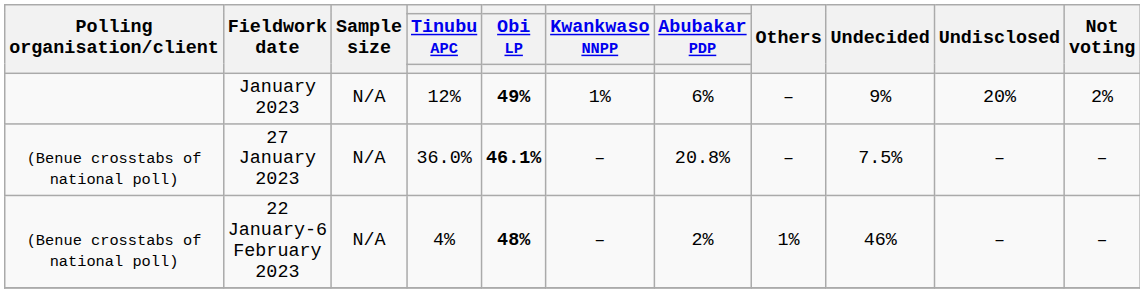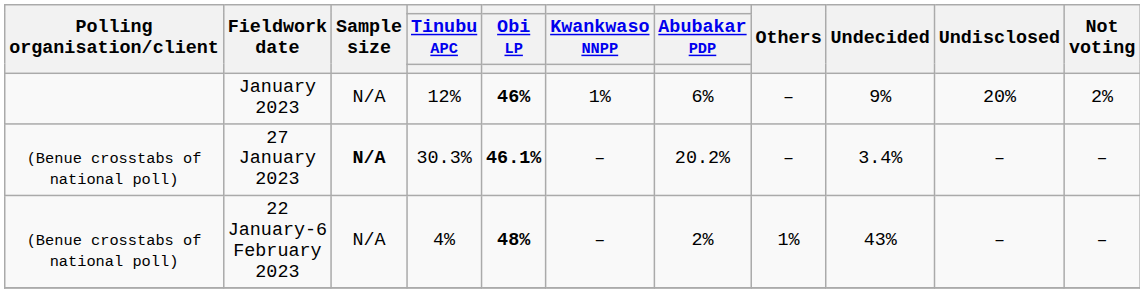 <table class="wikitable" style="text-align:center;font-size:95%;line-height:14px;">
 <tr>
 <th rowspan="3">Polling organisation/client</th>
 <th rowspan="3">Fieldwork<br>date</th>
 <th rowspan="3">Sample<br>size</th>
 <th></th>
 <th></th>
 <th></th>
 <th></th>
 <th rowspan="3">Others</th>
 <th rowspan="3">Undecided</th>
 <th rowspan="3">Undisclosed</th>
 <th rowspan="3">Not voting</th>
 </tr>
 <tr>
 <th><a href='#'>Tinubu</a><br><small><a href='#'>APC</a></small></th>
 <th><a href='#'>Obi</a><br><small><a href='#'>LP</a></small></th>
 <th><a href='#'>Kwankwaso</a><br><small><a href='#'>NNPP</a></small></th>
 <th><a href='#'>Abubakar</a><br><small><a href='#'>PDP</a></small></th>
 </tr>
 <tr>
 <th style="background:"></th>
 <th style="background:"></th>
 <th style="background:"></th>
 <th style="background:"></th>
 </tr>
 <tr>
 <td></td>
 <td>January 2023</td>
 <td>N/A</td>
 <td>12%</td>
-<td><strong>49%</strong></td>
+<td><strong>46%</strong></td>
 <td>1%</td>
 <td>6%</td>
 <td>–</td>
 <td>9%</td>
 <td>20%</td>
 <td>2%</td>
 </tr>
 <tr>
 <td><br><small>(Benue crosstabs of national poll)</small></td>
 <td>27 January 2023</td>
-<td>N/A</td>
-<td>36.0%</td>
+<td><strong>N/A</strong></td>
+<td>30.3%</td>
 <td><strong>46.1%</strong></td>
 <td>–</td>
-<td>20.8%</td>
+<td>20.2%</td>
 <td>–</td>
-<td>7.5%</td>
+<td>3.4%</td>
 <td>–</td>
 <td>–</td>
 </tr>
 <tr>
 <td><br><small>(Benue crosstabs of national poll)</small></td>
 <td>22 January-6 February 2023</td>
 <td>N/A</td>
 <td>4%</td>
 <td><strong>48%</strong></td>
 <td>–</td>
 <td>2%</td>
 <td>1%</td>
-<td>46%</td>
+<td>43%</td>
 <td>–</td>
 <td>–</td>
 </tr>
 <tr>
 </tr>
 </table>
